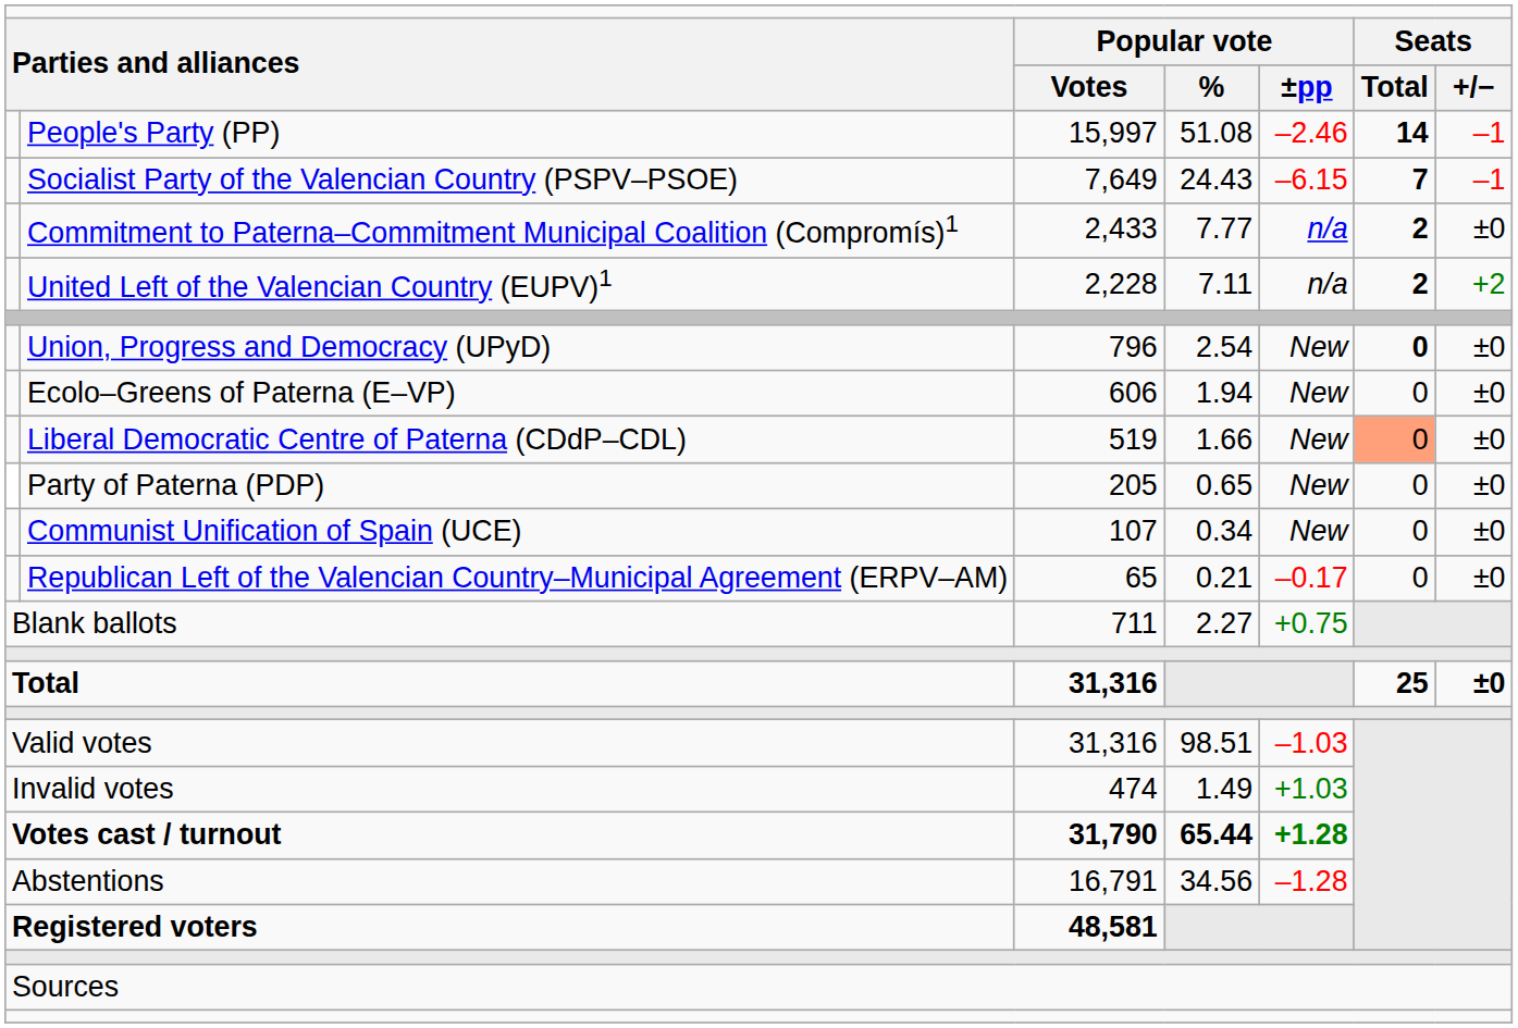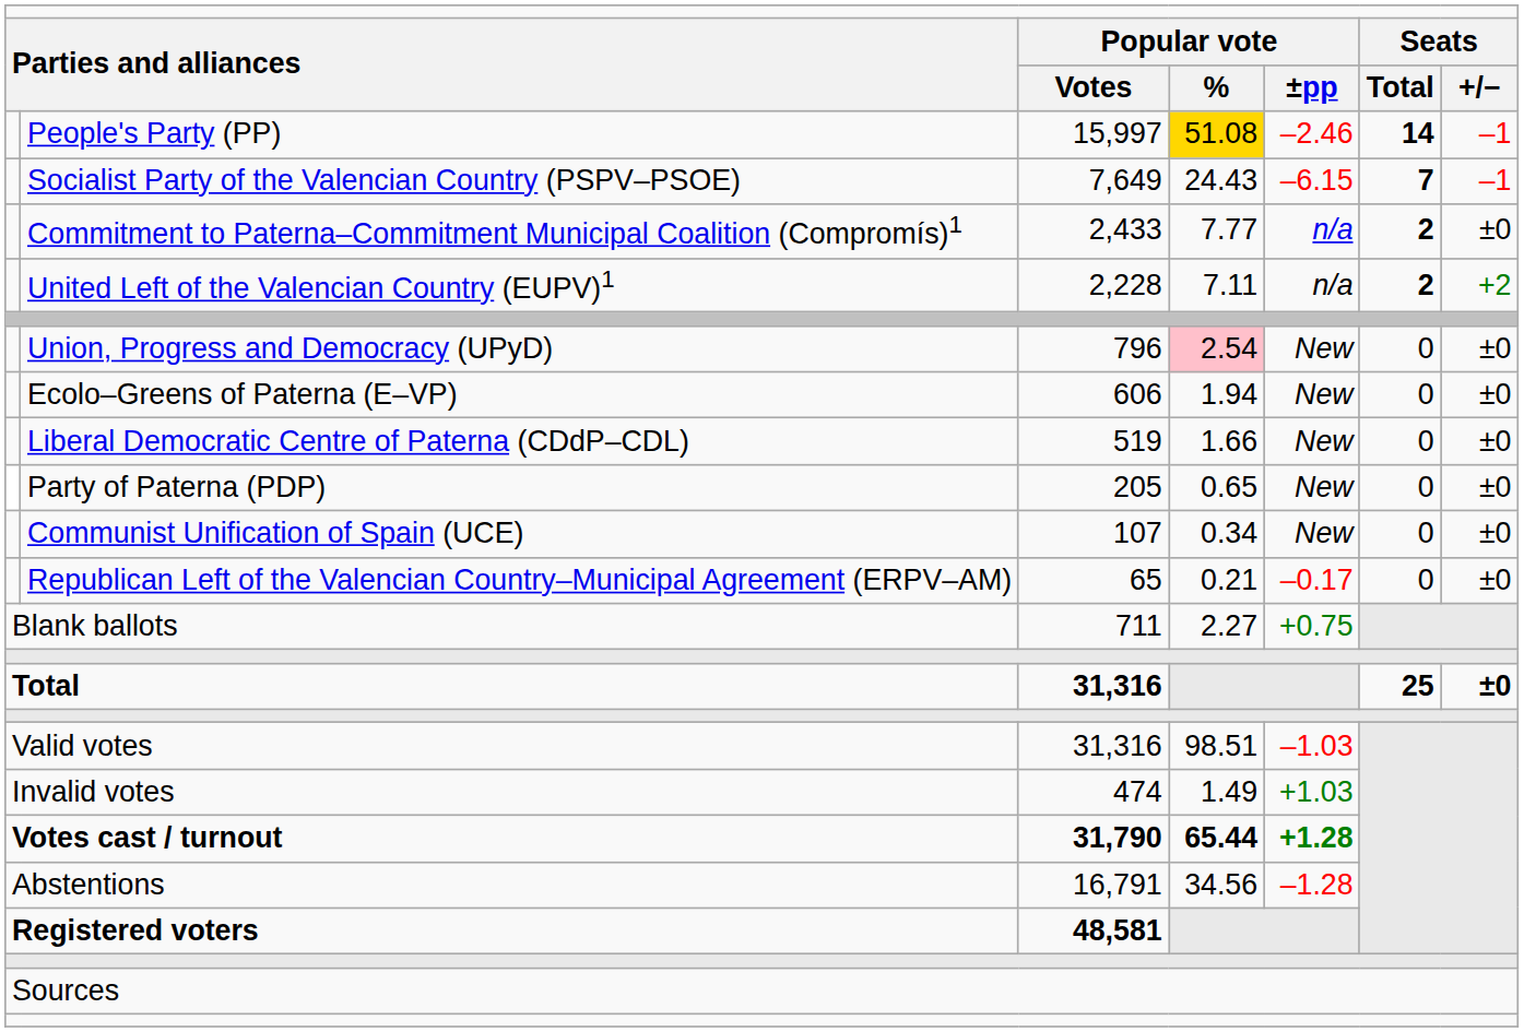 <table class="wikitable" style="text-align:right;">
 <tr>
 <td colspan="7"></td>
 </tr>
 <tr>
 <th style="text-align:left;" rowspan="2" colspan="2" width="525">Parties and alliances</th>
 <th colspan="3">Popular vote</th>
 <th colspan="2">Seats</th>
 </tr>
 <tr>
 <th width="75">Votes</th>
 <th width="45">%</th>
 <th width="45">±<a href='#'>pp</a></th>
 <th width="35">Total</th>
 <th width="35">+/−</th>
 </tr>
 <tr>
 <td width="1" style="color:inherit;background:"></td>
 <td align="left"><a href='#'>People's Party</a> (PP)</td>
 <td>15,997</td>
-<td>51.08</td>
+<td style="background: gold;">51.08</td>
 <td style="color:red;">–2.46</td>
 <td><strong>14</strong></td>
 <td style="color:red;">–1</td>
 </tr>
 <tr>
 <td style="color:inherit;background:"></td>
 <td align="left"><a href='#'>Socialist Party of the Valencian Country</a> (PSPV–PSOE)</td>
 <td>7,649</td>
 <td>24.43</td>
 <td style="color:red;">–6.15</td>
 <td><strong>7</strong></td>
 <td style="color:red;">–1</td>
 </tr>
 <tr>
 <td style="color:inherit;background:"></td>
 <td align="left"><a href='#'>Commitment to Paterna–Commitment Municipal Coalition</a> (Compromís)<sup>1</sup></td>
 <td>2,433</td>
 <td>7.77</td>
 <td><em><a href='#'>n/a</a></em></td>
 <td><strong>2</strong></td>
 <td>±0</td>
 </tr>
 <tr>
 <td style="color:inherit;background:"></td>
 <td align="left"><a href='#'>United Left of the Valencian Country</a> (EUPV)<sup>1</sup></td>
 <td>2,228</td>
 <td>7.11</td>
 <td><em>n/a</em></td>
 <td><strong>2</strong></td>
 <td style="color:green;">+2</td>
 </tr>
 <tr>
 <td colspan="7" bgcolor="#C0C0C0"></td>
 </tr>
 <tr>
 <td style="color:inherit;background:"></td>
 <td align="left"><a href='#'>Union, Progress and Democracy</a> (UPyD)</td>
 <td>796</td>
-<td>2.54</td>
+<td style="background: pink;">2.54</td>
 <td><em>New</em></td>
-<td><strong>0</strong></td>
+<td>0</td>
 <td>±0</td>
 </tr>
 <tr>
 <td style="color:inherit;background:"></td>
 <td align="left">Ecolo–Greens of Paterna (E–VP)</td>
 <td>606</td>
 <td>1.94</td>
 <td><em>New</em></td>
 <td>0</td>
 <td>±0</td>
 </tr>
 <tr>
 <td style="color:inherit;background:"></td>
 <td align="left"><a href='#'>Liberal Democratic Centre of Paterna</a> (CDdP–CDL)</td>
 <td>519</td>
 <td>1.66</td>
 <td><em>New</em></td>
-<td style="background: lightsalmon;">0</td>
+<td>0</td>
 <td>±0</td>
 </tr>
 <tr>
 <td bgcolor="white"></td>
 <td align="left">Party of Paterna (PDP)</td>
 <td>205</td>
 <td>0.65</td>
 <td><em>New</em></td>
 <td>0</td>
 <td>±0</td>
 </tr>
 <tr>
 <td style="color:inherit;background:"></td>
 <td align="left"><a href='#'>Communist Unification of Spain</a> (UCE)</td>
 <td>107</td>
 <td>0.34</td>
 <td><em>New</em></td>
 <td>0</td>
 <td>±0</td>
 </tr>
 <tr>
 <td style="color:inherit;background:"></td>
 <td align="left"><a href='#'>Republican Left of the Valencian Country–Municipal Agreement</a> (ERPV–AM)</td>
 <td>65</td>
 <td>0.21</td>
 <td style="color:red;">–0.17</td>
 <td>0</td>
 <td>±0</td>
 </tr>
 <tr>
 <td align="left" colspan="2">Blank ballots</td>
 <td>711</td>
 <td>2.27</td>
 <td style="color:green;">+0.75</td>
 <td bgcolor="#E9E9E9" colspan="2"></td>
 </tr>
 <tr>
 <td colspan="7" bgcolor="#E9E9E9"></td>
 </tr>
 <tr style="font-weight:bold;">
 <td align="left" colspan="2">Total</td>
 <td>31,316</td>
 <td bgcolor="#E9E9E9" colspan="2"></td>
 <td>25</td>
 <td>±0</td>
 </tr>
 <tr>
 <td colspan="7" bgcolor="#E9E9E9"></td>
 </tr>
 <tr>
 <td align="left" colspan="2">Valid votes</td>
 <td>31,316</td>
 <td>98.51</td>
 <td style="color:red;">–1.03</td>
 <td bgcolor="#E9E9E9" colspan="2" rowspan="5"></td>
 </tr>
 <tr>
 <td align="left" colspan="2">Invalid votes</td>
 <td>474</td>
 <td>1.49</td>
 <td style="color:green;">+1.03</td>
 </tr>
 <tr style="font-weight:bold;">
 <td align="left" colspan="2">Votes cast / turnout</td>
 <td>31,790</td>
 <td>65.44</td>
 <td style="color:green;">+1.28</td>
 </tr>
 <tr>
 <td align="left" colspan="2">Abstentions</td>
 <td>16,791</td>
 <td>34.56</td>
 <td style="color:red;">–1.28</td>
 </tr>
 <tr style="font-weight:bold;">
 <td align="left" colspan="2">Registered voters</td>
 <td>48,581</td>
 <td bgcolor="#E9E9E9" colspan="2"></td>
 </tr>
 <tr>
 <td colspan="7" bgcolor="#E9E9E9"></td>
 </tr>
 <tr>
 <td align="left" colspan="7">Sources</td>
 </tr>
 <tr>
 <td colspan="7" style="text-align:left; max-width:790px;"></td>
 </tr>
 </table>
